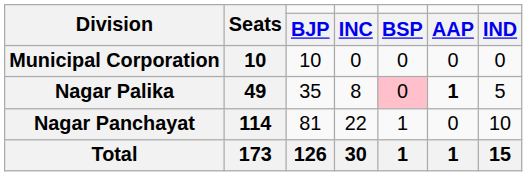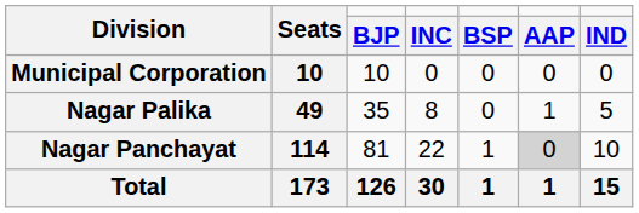 <table class="wikitable" style="text-align:center;">
 <tr>
 <th rowspan="2">Division</th>
 <th rowspan="2">Seats</th>
 <td></td>
 <td></td>
 <td></td>
 <td></td>
 <td></td>
 </tr>
 <tr>
 <th><a href='#'>BJP</a></th>
 <th><a href='#'>INC</a></th>
 <th><a href='#'>BSP</a></th>
 <th><a href='#'>AAP</a></th>
 <th><a href='#'>IND</a></th>
 </tr>
 <tr>
 <th>Municipal Corporation</th>
 <th>10</th>
 <td style="background:">10</td>
 <td style="text-align:center;">0</td>
 <td style="text-align:center;">0</td>
 <td style="text-align:center;">0</td>
 <td style="text-align:center;">0</td>
 </tr>
 <tr>
 <th>Nagar Palika</th>
 <th>49</th>
 <td style="background:">35</td>
 <td style="text-align:center;">8</td>
-<td style="background: pink; text-align:center;">0</td>
-<td style="text-align:center;"><strong>1</strong></td>
+<td style="text-align:center;">0</td>
+<td style="text-align:center;">1</td>
 <td style="text-align:center;">5</td>
 </tr>
 <tr>
 <th>Nagar Panchayat</th>
 <th>114</th>
 <td style="background:">81</td>
 <td style="text-align:center;">22</td>
 <td style="text-align:center;">1</td>
-<td style="text-align:center;">0</td>
+<td style="background: lightgrey; text-align:center;">0</td>
 <td style="text-align:center;">10</td>
 </tr>
 <tr>
 <th>Total</th>
 <th>173</th>
 <th style="background:">126</th>
 <th>30</th>
 <th>1</th>
 <th>1</th>
 <th>15</th>
 </tr>
 </table>
